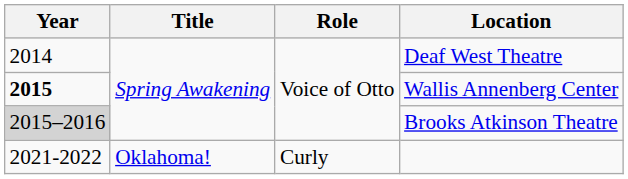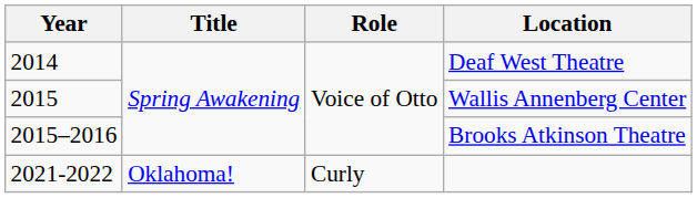 <table class="wikitable sortable">
 <tr>
 <th>Year</th>
 <th>Title</th>
 <th>Role</th>
 <th>Location</th>
 </tr>
 <tr>
 <td>2014</td>
 <td rowspan="3"><em><a href='#'>Spring Awakening</a></em></td>
 <td rowspan="3">Voice of Otto</td>
 <td><a href='#'>Deaf West Theatre</a></td>
 </tr>
 <tr>
-<td><strong>2015</strong></td>
+<td>2015</td>
 <td><a href='#'>Wallis Annenberg Center</a></td>
 </tr>
 <tr>
-<td style="background: lightgrey;">2015–2016</td>
+<td>2015–2016</td>
 <td><a href='#'>Brooks Atkinson Theatre</a></td>
 </tr>
 <tr>
 <td>2021-2022</td>
 <td><a href='#'>Oklahoma!</a></td>
 <td>Curly</td>
 <td></td>
 </tr>
 </table>
